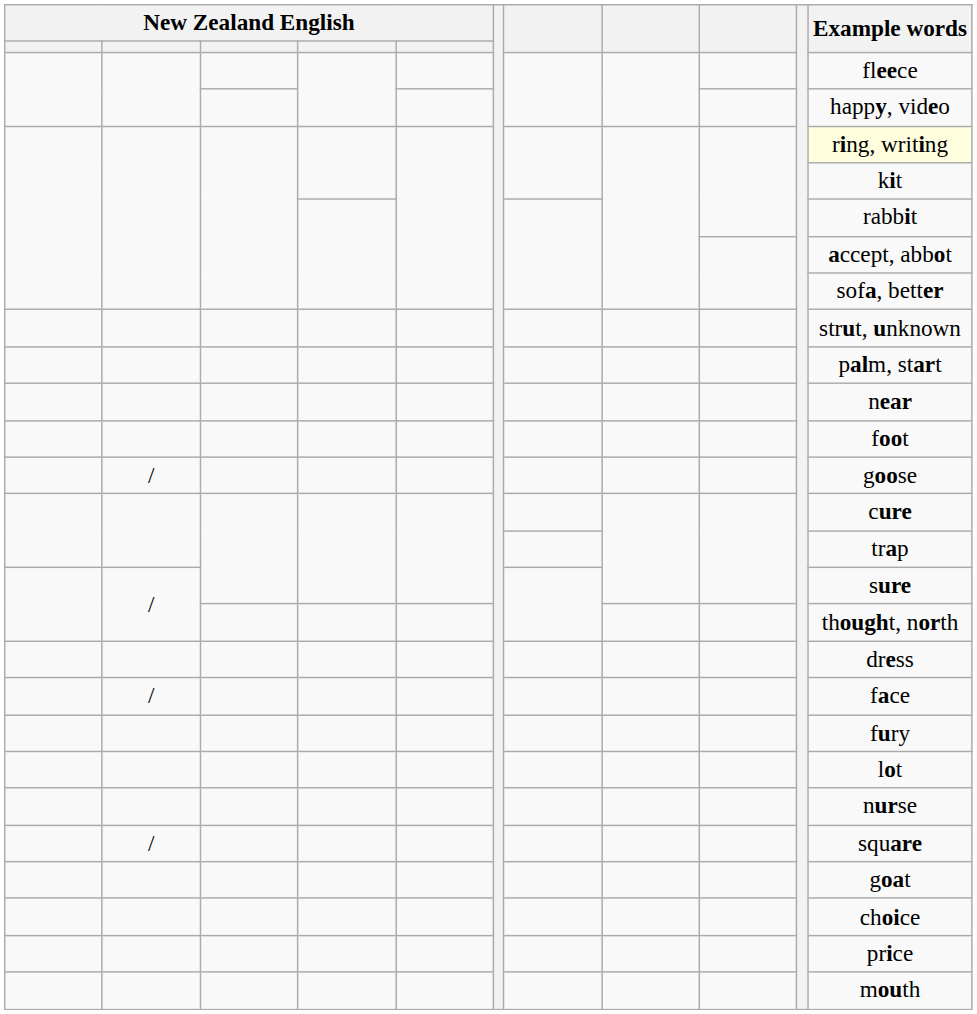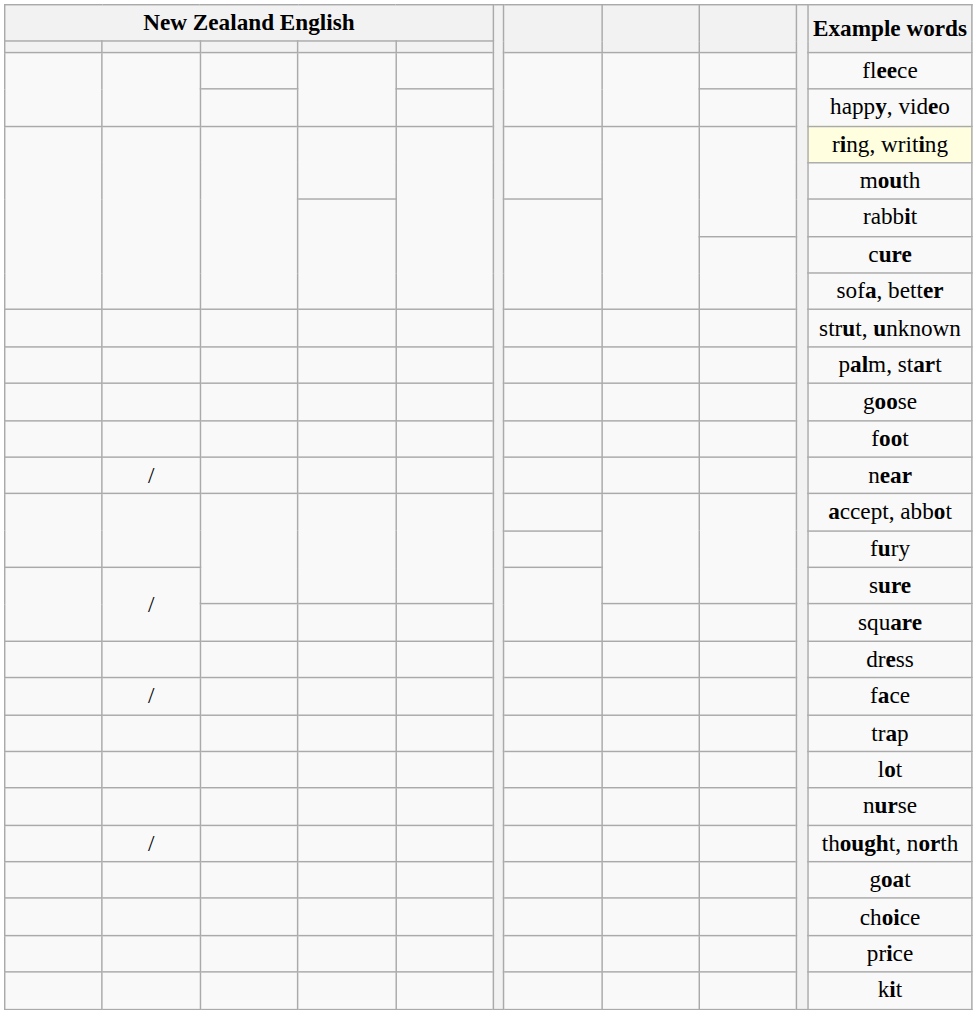 <table class="wikitable" style="text-align:center">
 <tr>
 <th colspan="5">New Zealand English</th>
 <th rowspan="28"></th>
 <th rowspan="2" style="width:60px;"></th>
 <th rowspan="2" style="width:60px;"></th>
 <th rowspan="2" style="width:60px;"></th>
 <th rowspan="28"></th>
 <th rowspan="2">Example words</th>
 </tr>
 <tr>
 <th style="width:60px;"></th>
 <th style="width:60px;"></th>
 <th style="width:60px;"></th>
 <th style="width:60px;"></th>
 <th style="width:60px;"></th>
 </tr>
 <tr>
 <td rowspan="2"></td>
 <td rowspan="2"></td>
 <td></td>
 <td rowspan="2"></td>
 <td></td>
 <td rowspan="2"></td>
 <td rowspan="2"></td>
 <td></td>
 <td>fl<strong>ee</strong>ce</td>
 </tr>
 <tr>
 <td></td>
 <td></td>
 <td></td>
 <td>happ<strong>y</strong>, vid<strong>e</strong>o</td>
 </tr>
 <tr>
 <td rowspan="5"></td>
 <td rowspan="5"></td>
 <td rowspan="5"></td>
 <td rowspan="2"></td>
 <td rowspan="5"></td>
 <td rowspan="2"></td>
 <td rowspan="5"></td>
 <td rowspan="3"></td>
 <td style="background: lightyellow;">r<strong>i</strong>ng, writ<strong>i</strong>ng</td>
 </tr>
 <tr>
-<td>k<strong>i</strong>t</td>
+<td>m<strong>ou</strong>th</td>
 </tr>
 <tr>
 <td rowspan="3"></td>
 <td rowspan="3"></td>
 <td>rabb<strong>i</strong>t</td>
 </tr>
 <tr>
 <td rowspan="2"></td>
-<td><strong>a</strong>ccept, abb<strong>o</strong>t</td>
+<td>c<strong>ure</strong></td>
 </tr>
 <tr>
 <td>sof<strong>a</strong>, bett<strong>er</strong></td>
 </tr>
 <tr>
 <td></td>
 <td></td>
 <td></td>
 <td></td>
 <td></td>
 <td></td>
 <td></td>
 <td></td>
 <td>str<strong>u</strong>t, <strong>u</strong>nknown</td>
 </tr>
 <tr>
 <td></td>
 <td></td>
 <td></td>
 <td></td>
 <td></td>
 <td></td>
 <td></td>
 <td></td>
 <td>p<strong>al</strong>m, st<strong>ar</strong>t</td>
 </tr>
 <tr>
 <td></td>
 <td></td>
 <td></td>
 <td></td>
 <td></td>
 <td></td>
 <td></td>
 <td></td>
-<td>n<strong>ear</strong></td>
+<td>g<strong>oo</strong>se</td>
 </tr>
 <tr>
 <td></td>
 <td></td>
 <td></td>
 <td></td>
 <td></td>
 <td></td>
 <td></td>
 <td></td>
 <td>f<strong>oo</strong>t</td>
 </tr>
 <tr>
 <td></td>
 <td> / </td>
 <td></td>
 <td></td>
 <td></td>
 <td></td>
 <td></td>
 <td></td>
-<td>g<strong>oo</strong>se</td>
+<td>n<strong>ear</strong></td>
 </tr>
 <tr>
 <td rowspan="2"></td>
 <td rowspan="2"></td>
 <td rowspan="3"></td>
 <td rowspan="3"></td>
 <td rowspan="3"></td>
 <td></td>
 <td rowspan="3"></td>
 <td rowspan="3"></td>
-<td>c<strong>ure</strong></td>
+<td><strong>a</strong>ccept, abb<strong>o</strong>t</td>
 </tr>
 <tr>
 <td></td>
-<td>tr<strong>a</strong>p</td>
+<td>f<strong>u</strong>ry</td>
 </tr>
 <tr>
 <td rowspan="2"></td>
 <td rowspan="2"> / </td>
 <td rowspan="2"></td>
 <td>s<strong>ure</strong></td>
 </tr>
 <tr>
 <td></td>
 <td></td>
 <td></td>
 <td></td>
 <td></td>
-<td>th<strong>ough</strong>t, n<strong>or</strong>th</td>
+<td>squ<strong>are</strong></td>
 </tr>
 <tr>
 <td></td>
 <td></td>
 <td></td>
 <td></td>
 <td></td>
 <td></td>
 <td></td>
 <td></td>
 <td>dr<strong>e</strong>ss</td>
 </tr>
 <tr>
 <td></td>
 <td> / </td>
 <td></td>
 <td></td>
 <td></td>
 <td></td>
 <td></td>
 <td></td>
 <td>f<strong>a</strong>ce</td>
 </tr>
 <tr>
 <td></td>
 <td></td>
 <td></td>
 <td></td>
 <td></td>
 <td></td>
 <td></td>
 <td></td>
-<td>f<strong>u</strong>ry</td>
+<td>tr<strong>a</strong>p</td>
 </tr>
 <tr>
 <td></td>
 <td></td>
 <td></td>
 <td></td>
 <td></td>
 <td></td>
 <td></td>
 <td></td>
 <td>l<strong>o</strong>t</td>
 </tr>
 <tr>
 <td></td>
 <td></td>
 <td></td>
 <td></td>
 <td></td>
 <td></td>
 <td></td>
 <td></td>
 <td>n<strong>ur</strong>se</td>
 </tr>
 <tr>
 <td></td>
 <td> / </td>
 <td></td>
 <td></td>
 <td></td>
 <td></td>
 <td></td>
 <td></td>
-<td>squ<strong>are</strong></td>
+<td>th<strong>ough</strong>t, n<strong>or</strong>th</td>
 </tr>
 <tr>
 <td></td>
 <td></td>
 <td></td>
 <td></td>
 <td></td>
 <td></td>
 <td></td>
 <td></td>
 <td>g<strong>oa</strong>t</td>
 </tr>
 <tr>
 <td></td>
 <td></td>
 <td></td>
 <td></td>
 <td></td>
 <td></td>
 <td></td>
 <td></td>
 <td>ch<strong>oi</strong>ce</td>
 </tr>
 <tr>
 <td></td>
 <td></td>
 <td></td>
 <td></td>
 <td></td>
 <td></td>
 <td></td>
 <td></td>
 <td>pr<strong>i</strong>ce</td>
 </tr>
 <tr>
 <td></td>
 <td></td>
 <td></td>
 <td></td>
 <td></td>
 <td></td>
 <td></td>
 <td></td>
-<td>m<strong>ou</strong>th</td>
+<td>k<strong>i</strong>t</td>
 </tr>
 </table>
